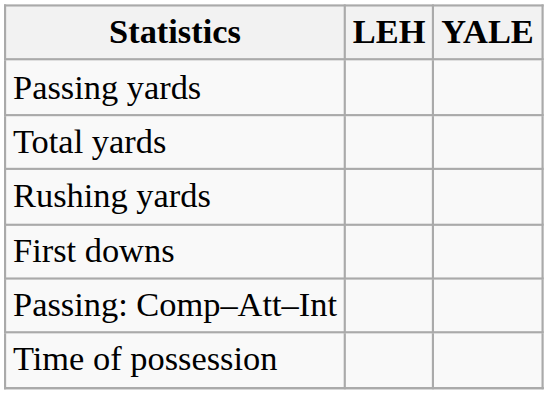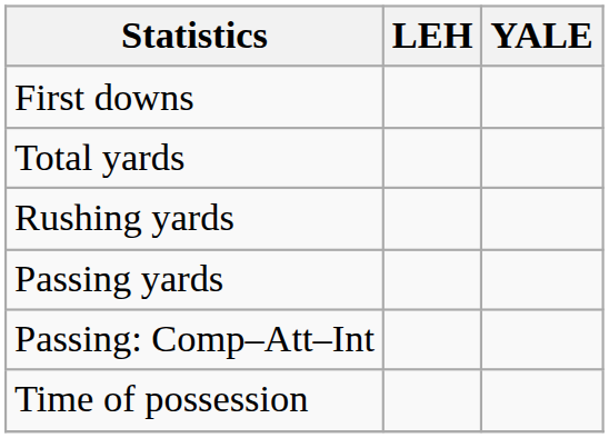 <table class="wikitable" style="float: left;">
 <tr>
 <th>Statistics</th>
 <th>LEH</th>
 <th>YALE</th>
 </tr>
 <tr>
-<td>Passing yards</td>
+<td>First downs</td>
 <td></td>
 <td></td>
 </tr>
 <tr>
 <td>Total yards</td>
 <td></td>
 <td></td>
 </tr>
 <tr>
 <td>Rushing yards</td>
 <td></td>
 <td></td>
 </tr>
 <tr>
-<td>First downs</td>
+<td>Passing yards</td>
 <td></td>
 <td></td>
 </tr>
 <tr>
 <td>Passing: Comp–Att–Int</td>
 <td></td>
 <td></td>
 </tr>
 <tr>
 <td>Time of possession</td>
 <td></td>
 <td></td>
 </tr>
 <tr>
 </tr>
 </table>
